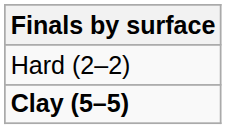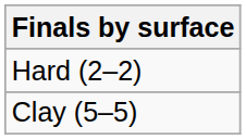 <table class=wikitable style=font-size:90%>
 <tr>
 <th>Finals by surface</th>
 </tr>
 <tr>
 <td>Hard (2–2)</td>
 </tr>
 <tr>
-<td><strong>Clay (5–5)</strong></td>
+<td>Clay (5–5)</td>
 </tr>
 </table>
